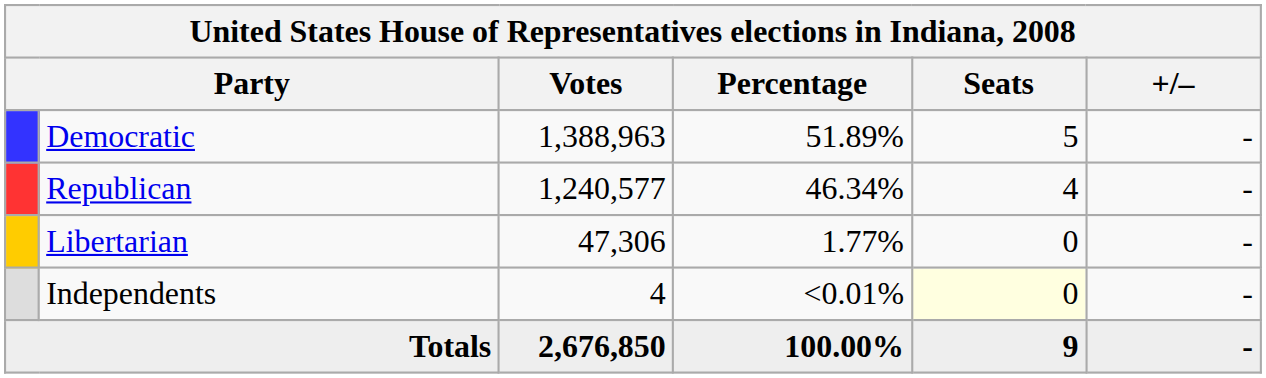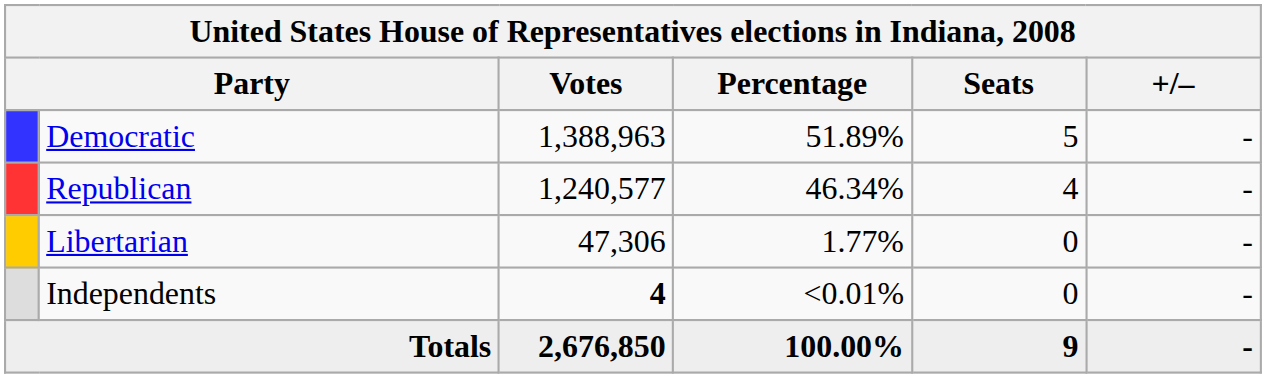 <table class="wikitable" style="font-size: 95%;">
 <tr>
 <th colspan="6">United States House of Representatives elections in Indiana, 2008</th>
 </tr>
 <tr>
 <th colspan="2" style="width: 15em">Party</th>
 <th style="width: 5em">Votes</th>
 <th style="width: 7em">Percentage</th>
 <th style="width: 5em">Seats</th>
 <th style="width: 5em">+/–</th>
 </tr>
 <tr>
 <th style="background-color:#3333FF; width: 3px"></th>
 <td style="width: 130px"><a href='#'>Democratic</a></td>
 <td align="right">1,388,963</td>
 <td align="right">51.89%</td>
 <td align="right">5</td>
 <td align="right">-</td>
 </tr>
 <tr>
 <th style="background-color:#FF3333; width: 3px"></th>
 <td style="width: 130px"><a href='#'>Republican</a></td>
 <td align="right">1,240,577</td>
 <td align="right">46.34%</td>
 <td align="right">4</td>
 <td align="right">-</td>
 </tr>
 <tr>
 <th style="background-color:#FFCC00; width: 3px"></th>
 <td style="width: 130px"><a href='#'>Libertarian</a></td>
 <td align="right">47,306</td>
 <td align="right">1.77%</td>
 <td align="right">0</td>
 <td align="right">-</td>
 </tr>
 <tr>
 <th style="background-color:#DDDDDD; width: 3px"></th>
 <td style="width: 130px">Independents</td>
-<td align="right">4</td>
+<td align="right"><strong>4</strong></td>
 <td align="right"><0.01%</td>
-<td align="right" style="background: lightyellow;">0</td>
+<td align="right">0</td>
 <td align="right">-</td>
 </tr>
 <tr bgcolor="#EEEEEE">
 <td colspan="2" align="right"><strong>Totals</strong></td>
 <td align="right"><strong>2,676,850</strong></td>
 <td align="right"><strong>100.00%</strong></td>
 <td align="right"><strong>9</strong></td>
 <td align="right"><strong>-</strong></td>
 </tr>
 </table>
